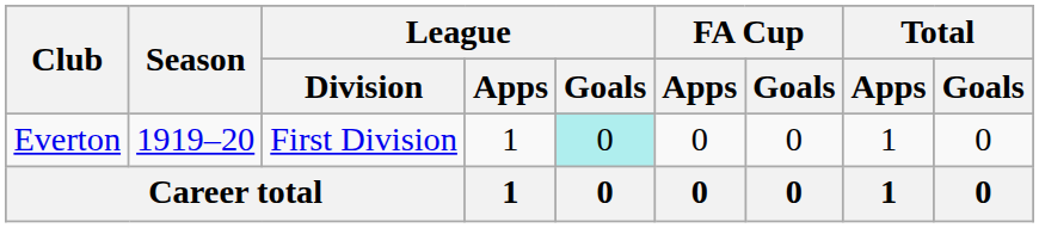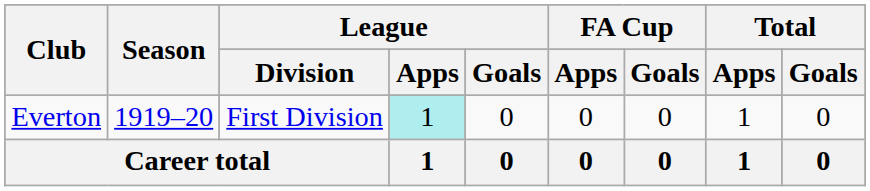 <table class="wikitable" style="text-align: center;">
 <tr>
 <th rowspan="2">Club</th>
 <th rowspan="2">Season</th>
 <th colspan="3">League</th>
 <th colspan="2">FA Cup</th>
 <th colspan="2">Total</th>
 </tr>
 <tr>
 <th>Division</th>
 <th>Apps</th>
 <th>Goals</th>
 <th>Apps</th>
 <th>Goals</th>
 <th>Apps</th>
 <th>Goals</th>
 </tr>
 <tr>
 <td><a href='#'>Everton</a></td>
 <td><a href='#'>1919–20</a></td>
 <td><a href='#'>First Division</a></td>
-<td>1</td>
-<td style="background: paleturquoise;">0</td>
+<td style="background: paleturquoise;">1</td>
+<td>0</td>
 <td>0</td>
 <td>0</td>
 <td>1</td>
 <td>0</td>
 </tr>
 <tr>
 <th colspan="3">Career total</th>
 <th>1</th>
 <th>0</th>
 <th>0</th>
 <th>0</th>
 <th>1</th>
 <th>0</th>
 </tr>
 </table>
